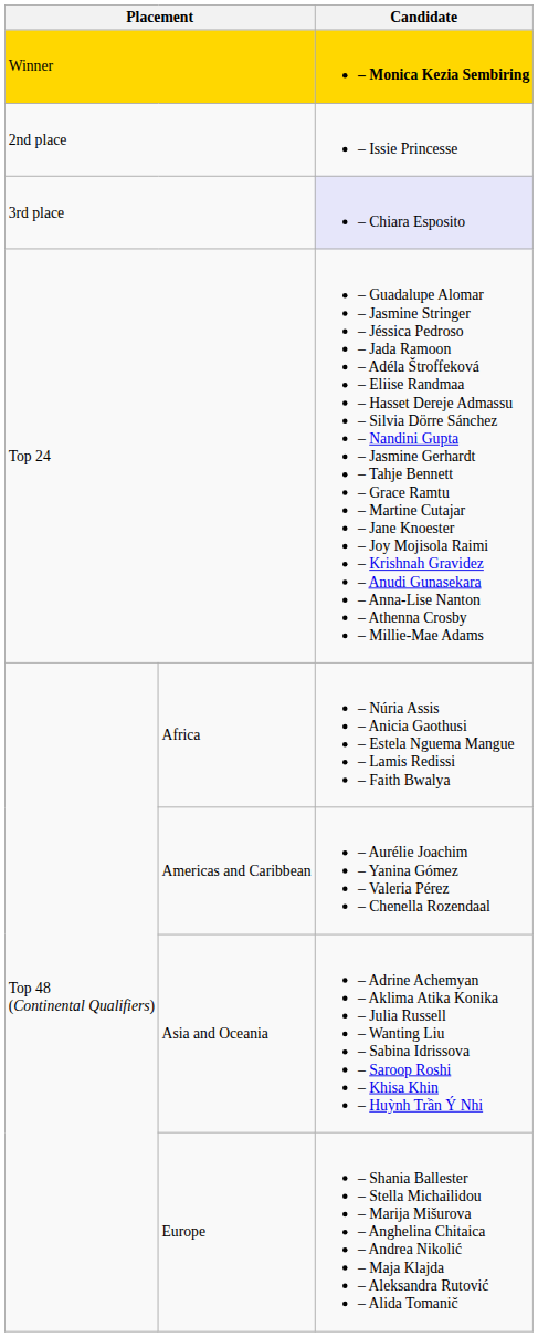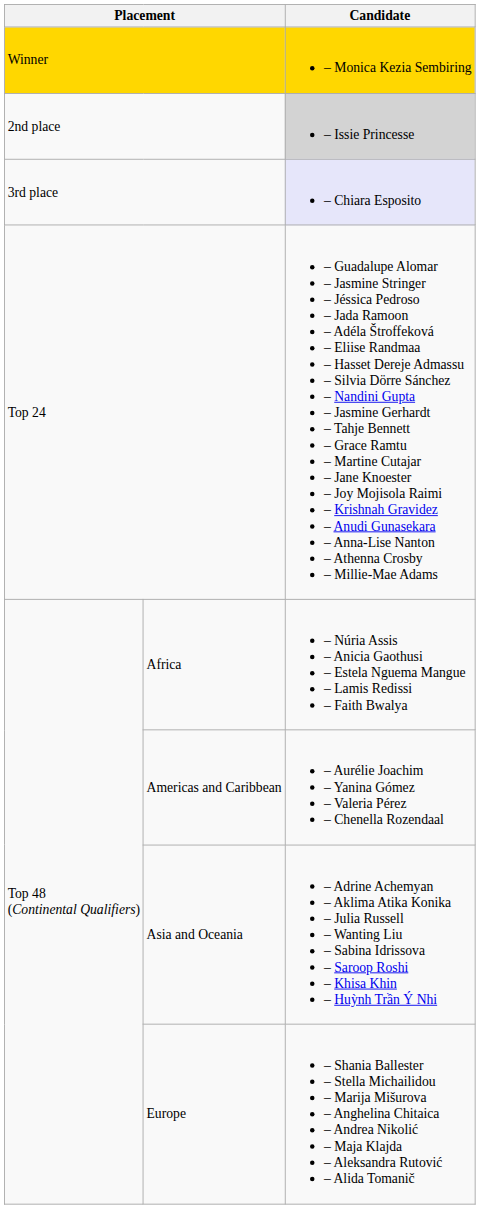 <table class="wikitable sortable" style="font-size:95%;">
 <tr>
 <th colspan="2">Placement</th>
 <th>Candidate</th>
 </tr>
 <tr style="background:gold;">
 <td colspan="2">Winner</td>
-<td><strong><br><ul><li> – Monica Kezia Sembiring</li></ul></strong></td>
+<td><br><ul><li> – Monica Kezia Sembiring</li></ul></td>
 </tr>
 <tr>
 <td colspan="2">2nd place</td>
-<td><br><ul><li> – Issie Princesse</li></ul></td>
+<td style="background: lightgrey;"><br><ul><li> – Issie Princesse</li></ul></td>
 </tr>
 <tr>
 <td colspan="2">3rd place</td>
 <td style="background: lavender;"><br><ul><li> – Chiara Esposito</li></ul></td>
 </tr>
 <tr>
 <td colspan="2">Top 24</td>
 <td><br><ul><li> – Guadalupe Alomar</li><li> – Jasmine Stringer</li><li> – Jéssica Pedroso</li><li> – Jada Ramoon</li><li> – Adéla Štroffeková</li><li> – Eliise Randmaa</li><li> – Hasset Dereje Admassu</li><li> – Silvia Dörre Sánchez</li><li> – <a href='#'>Nandini Gupta</a></li><li> – Jasmine Gerhardt</li><li> – Tahje Bennett</li><li> – Grace Ramtu</li><li> – Martine Cutajar</li><li> – Jane Knoester</li><li> – Joy Mojisola Raimi</li><li> – <a href='#'>Krishnah Gravidez</a></li><li> – <a href='#'>Anudi Gunasekara</a></li><li> – Anna-Lise Nanton</li><li> – Athenna Crosby</li><li> – Millie-Mae Adams</li></ul></td>
 </tr>
 <tr>
 <td rowspan="4">Top 48<br>(<em>Continental Qualifiers</em>)</td>
 <td>Africa</td>
 <td><br><ul><li> – Núria Assis</li><li> – Anicia Gaothusi</li><li> – Estela Nguema Mangue</li><li> – Lamis Redissi</li><li> – Faith Bwalya</li></ul></td>
 </tr>
 <tr>
 <td>Americas and Caribbean</td>
 <td><br><ul><li> – Aurélie Joachim</li><li> – Yanina Gómez</li><li> – Valeria Pérez</li><li> – Chenella Rozendaal</li></ul></td>
 </tr>
 <tr>
 <td>Asia and Oceania</td>
 <td><br><ul><li> – Adrine Achemyan</li><li> – Aklima Atika Konika</li><li> – Julia Russell</li><li> – Wanting Liu</li><li> – Sabina Idrissova</li><li> – <a href='#'>Saroop Roshi</a></li><li> – <a href='#'>Khisa Khin</a></li><li> – <a href='#'>Huỳnh Trần Ý Nhi</a></li></ul></td>
 </tr>
 <tr>
 <td>Europe</td>
 <td><br><ul><li> – Shania Ballester</li><li> – Stella Michailidou</li><li> – Marija Mišurova</li><li> – Anghelina Chitaica</li><li> – Andrea Nikolić</li><li> – Maja Klajda</li><li> – Aleksandra Rutović</li><li> – Alida Tomanič</li></ul></td>
 </tr>
 </table>
